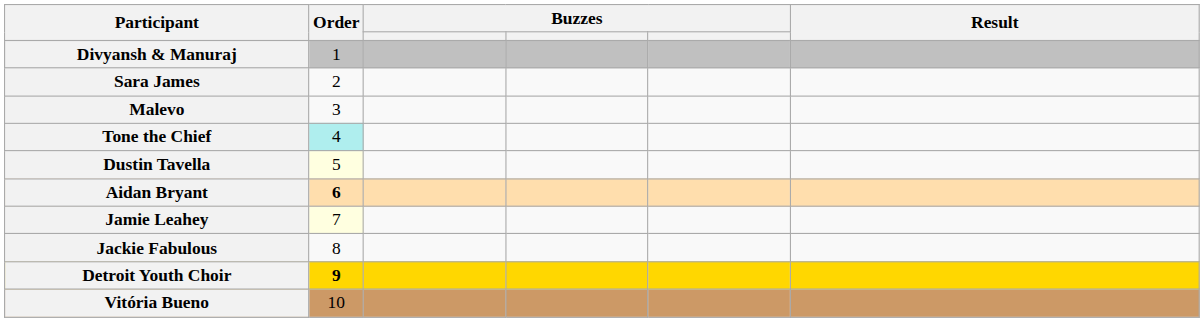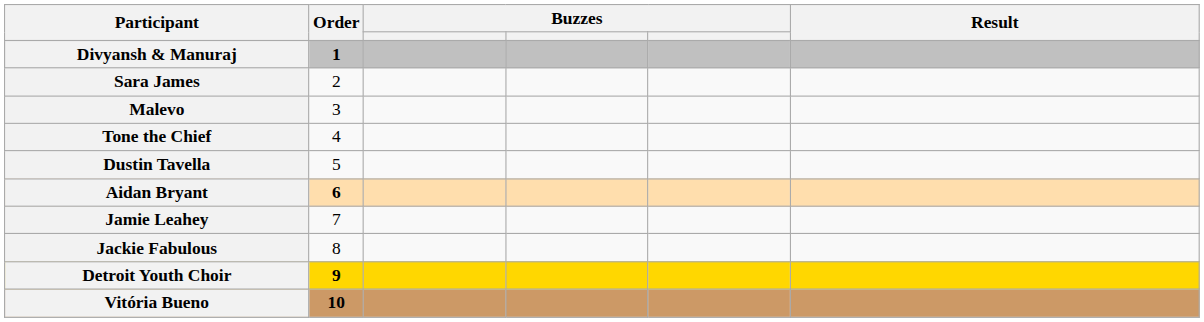 <table class="wikitable plainrowheaders sortable" style="text-align:center;">
 <tr>
 <th scope="col" rowspan="2" class="unsortable" style="width:17em;">Participant</th>
 <th scope="col" rowspan="2" style="width:1em;">Order</th>
 <th scope="col" colspan="3" class="unsortable" style="width:24em;">Buzzes</th>
 <th scope="col" rowspan="2" style="width:23em;">Result</th>
 </tr>
 <tr>
 <th scope="col" class="unsortable" style="width:6em;"></th>
 <th scope="col" class="unsortable" style="width:6em;"></th>
 <th scope="col" class="unsortable" style="width:6em;"></th>
 </tr>
 <tr bgcolor=silver>
 <th scope="row">Divyansh & Manuraj</th>
-<td>1</td>
+<td><strong>1</strong></td>
 <td style="text-align:center;"></td>
 <td style="text-align:center;"></td>
 <td style="text-align:center;"></td>
 <td></td>
 </tr>
 <tr>
 <th scope="row">Sara James</th>
 <td>2</td>
 <td style="text-align:center;"></td>
 <td style="text-align:center;"></td>
 <td style="text-align:center;"></td>
 <td></td>
 </tr>
 <tr>
 <th scope="row">Malevo</th>
 <td>3</td>
 <td style="text-align:center;"></td>
 <td style="text-align:center;"></td>
 <td style="text-align:center;"></td>
 <td></td>
 </tr>
 <tr>
 <th scope="row">Tone the Chief</th>
-<td style="background: paleturquoise;">4</td>
+<td>4</td>
 <td style="text-align:center;"></td>
 <td style="text-align:center;"></td>
 <td style="text-align:center;"></td>
 <td></td>
 </tr>
 <tr>
 <th scope="row">Dustin Tavella</th>
-<td style="background: lightyellow;">5</td>
+<td>5</td>
 <td style="text-align:center;"></td>
 <td style="text-align:center;"></td>
 <td style="text-align:center;"></td>
 <td></td>
 </tr>
 <tr bgcolor=navajowhite>
 <th scope="row"><strong>Aidan Bryant</strong></th>
 <td><strong>6</strong></td>
 <td style="text-align:center;"></td>
 <td style="text-align:center;"></td>
 <td style="text-align:center;"></td>
 <td><strong></strong></td>
 </tr>
 <tr>
 <th scope="row">Jamie Leahey</th>
-<td style="background: lightyellow;">7</td>
+<td>7</td>
 <td style="text-align:center;"></td>
 <td style="text-align:center;"></td>
 <td style="text-align:center;"></td>
 <td></td>
 </tr>
 <tr>
 <th scope="row">Jackie Fabulous</th>
 <td>8</td>
 <td style="text-align:center;"></td>
 <td style="text-align:center;"></td>
 <td style="text-align:center;"></td>
 <td></td>
 </tr>
 <tr bgcolor=gold>
 <th scope="row"><strong>Detroit Youth Choir</strong></th>
 <td><strong>9</strong></td>
 <td style="text-align:center;"></td>
 <td style="text-align:center;"></td>
 <td style="text-align:center;"></td>
 <td><strong></strong></td>
 </tr>
 <tr bgcolor=#c96>
 <th scope="row">Vitória Bueno</th>
-<td>10</td>
+<td><strong>10</strong></td>
 <td style="text-align:center;"></td>
 <td style="text-align:center;"></td>
 <td style="text-align:center;"></td>
 <td></td>
 </tr>
 </table>
